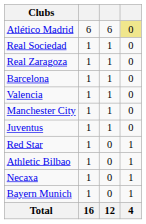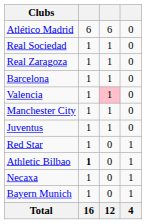 <table class="wikitable" style="text-align:center">
 <tr>
 <th>Clubs</th>
 <th width=25></th>
 <th width=25></th>
 <th width=25></th>
 </tr>
 <tr>
 <td align=left><a href='#'>Atlético Madrid</a></td>
 <td>6</td>
 <td>6</td>
-<td style="background: khaki;">0</td>
+<td>0</td>
 </tr>
 <tr>
 <td align=left><a href='#'>Real Sociedad</a></td>
 <td>1</td>
 <td>1</td>
 <td>0</td>
 </tr>
 <tr>
 <td align=left><a href='#'>Real Zaragoza</a></td>
 <td>1</td>
 <td>1</td>
 <td>0</td>
 </tr>
 <tr>
 <td align=left><a href='#'>Barcelona</a></td>
 <td>1</td>
 <td>1</td>
 <td>0</td>
 </tr>
 <tr>
 <td align=left><a href='#'>Valencia</a></td>
 <td>1</td>
-<td>1</td>
+<td style="background: pink;">1</td>
 <td>0</td>
 </tr>
 <tr>
 <td align=left><a href='#'>Manchester City</a></td>
 <td>1</td>
 <td>1</td>
 <td>0</td>
 </tr>
 <tr>
 <td align=left><a href='#'>Juventus</a></td>
 <td>1</td>
 <td>1</td>
 <td>0</td>
 </tr>
 <tr>
 <td align=left><a href='#'>Red Star</a></td>
 <td>1</td>
 <td>0</td>
 <td>1</td>
 </tr>
 <tr>
 <td align=left><a href='#'>Athletic Bilbao</a></td>
-<td>1</td>
+<td><strong>1</strong></td>
 <td>0</td>
 <td>1</td>
 </tr>
 <tr>
 <td align=left><a href='#'>Necaxa</a></td>
 <td>1</td>
 <td>0</td>
 <td>1</td>
 </tr>
 <tr>
 <td align=left><a href='#'>Bayern Munich</a></td>
 <td>1</td>
 <td>0</td>
 <td>1</td>
 </tr>
 <tr>
 <th align=left>Total</th>
 <th>16</th>
 <th>12</th>
 <th>4</th>
 </tr>
 </table>
